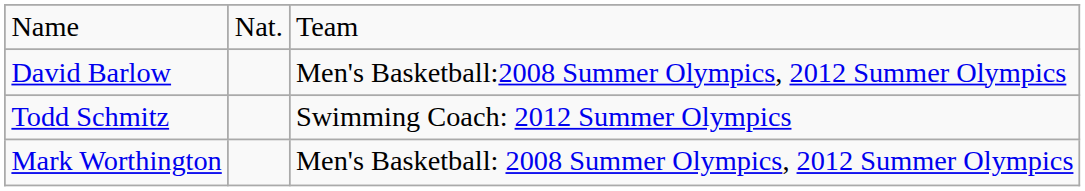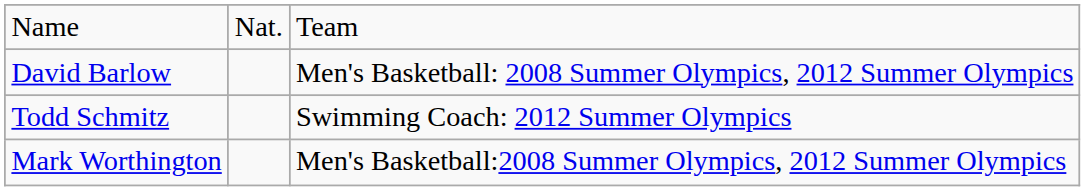 <table class="wikitable sortable">
 <tr>
 <td>Name</td>
 <td>Nat.</td>
 <td>Team</td>
 </tr>
 <tr>
 <td><a href='#'>David Barlow</a></td>
 <td></td>
-<td>Men's Basketball:<a href='#'>2008 Summer Olympics</a>, <a href='#'>2012 Summer Olympics</a></td>
+<td>Men's Basketball: <a href='#'>2008 Summer Olympics</a>, <a href='#'>2012 Summer Olympics</a></td>
 </tr>
 <tr>
 <td><a href='#'>Todd Schmitz</a></td>
 <td></td>
 <td>Swimming Coach: <a href='#'>2012 Summer Olympics</a></td>
 </tr>
 <tr>
 <td><a href='#'>Mark Worthington</a></td>
 <td></td>
-<td>Men's Basketball: <a href='#'>2008 Summer Olympics</a>, <a href='#'>2012 Summer Olympics</a></td>
+<td>Men's Basketball:<a href='#'>2008 Summer Olympics</a>, <a href='#'>2012 Summer Olympics</a></td>
 </tr>
 </table>
